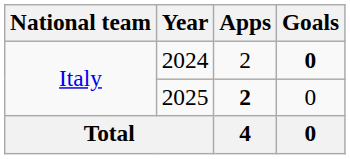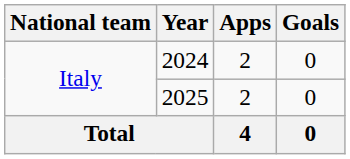 <table class=wikitable style=text-align:center>
 <tr>
 <th>National team</th>
 <th>Year</th>
 <th>Apps</th>
 <th>Goals</th>
 </tr>
 <tr>
 <td rowspan="2"><a href='#'>Italy</a></td>
 <td>2024</td>
 <td>2</td>
-<td><strong>0</strong></td>
+<td>0</td>
 </tr>
 <tr>
 <td>2025</td>
-<td><strong>2</strong></td>
+<td>2</td>
 <td>0</td>
 </tr>
 <tr>
 <th colspan="2">Total</th>
 <th>4</th>
 <th>0</th>
 </tr>
 </table>
